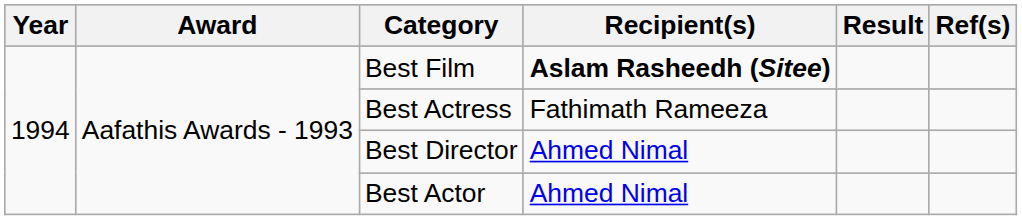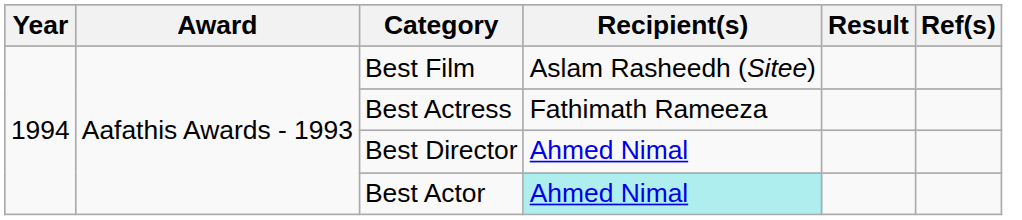 <table class="wikitable">
 <tr>
 <th>Year</th>
 <th>Award</th>
 <th>Category</th>
 <th>Recipient(s)</th>
 <th>Result</th>
 <th>Ref(s)</th>
 </tr>
 <tr>
 <td rowspan="4">1994</td>
 <td rowspan="4">Aafathis Awards - 1993</td>
 <td>Best Film</td>
-<td><strong>Aslam Rasheedh (<em>Sitee</em>)</strong></td>
+<td>Aslam Rasheedh (<em>Sitee</em>)</td>
 <td></td>
 <td></td>
 </tr>
 <tr>
 <td>Best Actress</td>
 <td>Fathimath Rameeza</td>
 <td></td>
 <td></td>
 </tr>
 <tr>
 <td>Best Director</td>
 <td><a href='#'>Ahmed Nimal</a></td>
 <td></td>
 <td></td>
 </tr>
 <tr>
 <td>Best Actor</td>
-<td><a href='#'>Ahmed Nimal</a></td>
+<td style="background: paleturquoise;"><a href='#'>Ahmed Nimal</a></td>
 <td></td>
 <td></td>
 </tr>
 </table>
